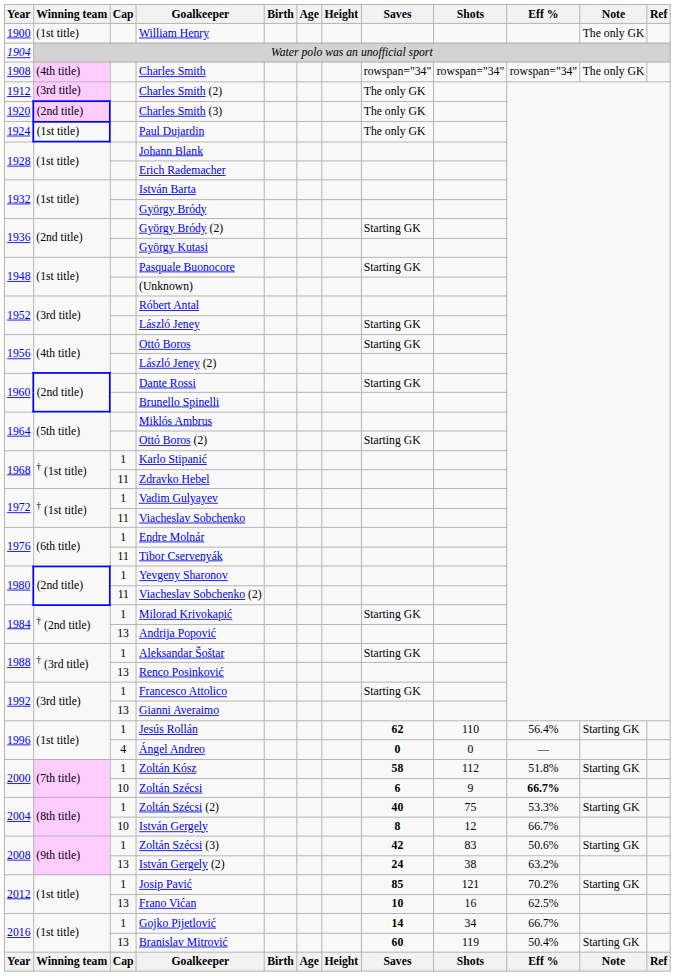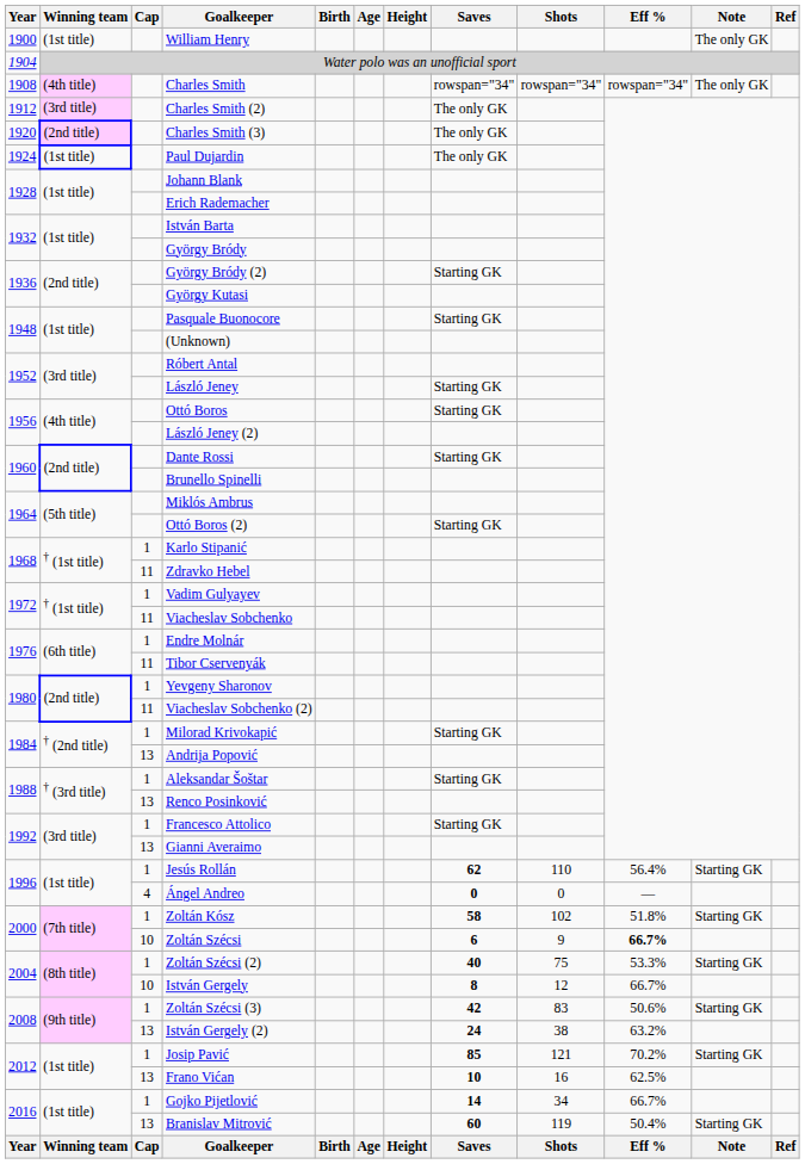 <table class="wikitable sortable" style="text-align: center; font-size: 85%; margin-left: 1em;">
 <tr>
 <th>Year</th>
 <th>Winning team</th>
 <th class="unsortable">Cap</th>
 <th>Goalkeeper</th>
 <th>Birth</th>
 <th>Age</th>
 <th>Height</th>
 <th>Saves</th>
 <th>Shots</th>
 <th>Eff %</th>
 <th>Note</th>
 <th class="unsortable">Ref</th>
 </tr>
 <tr>
 <td><a href='#'>1900</a></td>
 <td style="text-align: left;"> (1st title)</td>
 <td data-sort-value="1900A"></td>
 <td style="text-align: left;" data-sort-value="Henry, William"><a href='#'>William Henry</a></td>
 <td></td>
 <td></td>
 <td style="text-align: left;"></td>
 <td></td>
 <td></td>
 <td></td>
 <td style="text-align: left;">The only GK</td>
 <td></td>
 </tr>
 <tr>
 <td><em><a href='#'>1904</a></em></td>
 <td colspan="12" style="background-color: lightgray;" data-sort-value="ZZZZZZ"><em>Water polo was an unofficial sport</em></td>
 </tr>
 <tr>
 <td><a href='#'>1908</a></td>
 <td style="background-color: #ffccff; text-align: left;"> (4th title)</td>
 <td data-sort-value="1908A"></td>
 <td style="text-align: left;" data-sort-value="Smith, Charles"><a href='#'>Charles Smith</a></td>
 <td></td>
 <td></td>
 <td style="text-align: left;"></td>
 <td>rowspan="34" </td>
 <td>rowspan="34" </td>
 <td>rowspan="34" </td>
 <td style="text-align: left;">The only GK</td>
 <td></td>
 </tr>
 <tr>
 <td><a href='#'>1912</a></td>
 <td style="background-color: #ffccff; text-align: left;"> (3rd title)</td>
 <td data-sort-value="1912A"></td>
 <td style="text-align: left;" data-sort-value="Smith, Charles"><a href='#'>Charles Smith</a> (2)</td>
 <td></td>
 <td></td>
 <td style="text-align: left;"></td>
 <td style="text-align: left;">The only GK</td>
 <td></td>
 </tr>
 <tr>
 <td><a href='#'>1920</a></td>
 <td style="border: 2px solid blue; background-color: #ffccff; text-align: left;"> (2nd title)</td>
 <td data-sort-value="1920A"></td>
 <td style="text-align: left;" data-sort-value="Smith, Charles"><a href='#'>Charles Smith</a> (3)</td>
 <td></td>
 <td></td>
 <td style="text-align: left;"></td>
 <td style="text-align: left;">The only GK</td>
 <td></td>
 </tr>
 <tr>
 <td><a href='#'>1924</a></td>
 <td style="border: 2px solid blue; text-align: left;"> (1st title)</td>
 <td data-sort-value="1924A"></td>
 <td style="text-align: left;" data-sort-value="Dujardin, Paul"><a href='#'>Paul Dujardin</a></td>
 <td></td>
 <td></td>
 <td style="text-align: left;"></td>
 <td style="text-align: left;">The only GK</td>
 <td></td>
 </tr>
 <tr>
 <td rowspan="2"><a href='#'>1928</a></td>
 <td rowspan="2" style="text-align: left;"> (1st title)</td>
 <td data-sort-value="1928A"></td>
 <td style="text-align: left;" data-sort-value="Blank, Johann"><a href='#'>Johann Blank</a></td>
 <td></td>
 <td></td>
 <td style="text-align: left;"></td>
 <td style="text-align: left;"></td>
 <td></td>
 </tr>
 <tr>
 <td data-sort-value="1928B"></td>
 <td style="text-align: left;" data-sort-value="Rademacher, Erich"><a href='#'>Erich Rademacher</a></td>
 <td></td>
 <td></td>
 <td style="text-align: left;"></td>
 <td style="text-align: left;"></td>
 <td></td>
 </tr>
 <tr>
 <td rowspan="2"><a href='#'>1932</a></td>
 <td rowspan="2" style="text-align: left;"> (1st title)</td>
 <td data-sort-value="1932A"></td>
 <td style="text-align: left;" data-sort-value="Barta, István"><a href='#'>István Barta</a></td>
 <td></td>
 <td></td>
 <td style="text-align: left;"></td>
 <td style="text-align: left;"></td>
 <td></td>
 </tr>
 <tr>
 <td data-sort-value="1932B"></td>
 <td style="text-align: left;" data-sort-value="Bródy, György"><a href='#'>György Bródy</a></td>
 <td></td>
 <td></td>
 <td style="text-align: left;"></td>
 <td style="text-align: left;"></td>
 <td></td>
 </tr>
 <tr>
 <td rowspan="2"><a href='#'>1936</a></td>
 <td rowspan="2" style="text-align: left;"> (2nd title)</td>
 <td data-sort-value="1936A"></td>
 <td style="text-align: left;" data-sort-value="Bródy, György"><a href='#'>György Bródy</a> (2)</td>
 <td></td>
 <td></td>
 <td style="text-align: left;"></td>
 <td style="text-align: left;">Starting GK</td>
 <td></td>
 </tr>
 <tr>
 <td data-sort-value="1936B"></td>
 <td style="text-align: left;" data-sort-value="Kutasi, György"><a href='#'>György Kutasi</a></td>
 <td></td>
 <td></td>
 <td style="text-align: left;"></td>
 <td style="text-align: left;"></td>
 <td></td>
 </tr>
 <tr>
 <td rowspan="2"><a href='#'>1948</a></td>
 <td rowspan="2" style="text-align: left;"> (1st title)</td>
 <td data-sort-value="1948A"></td>
 <td style="text-align: left;" data-sort-value="Buonocore, Pasquale"><a href='#'>Pasquale Buonocore</a></td>
 <td></td>
 <td></td>
 <td style="text-align: left;"></td>
 <td style="text-align: left;">Starting GK</td>
 <td></td>
 </tr>
 <tr>
 <td data-sort-value="1948B"></td>
 <td style="text-align: left;" data-sort-value="ZZZZZ">(Unknown)</td>
 <td></td>
 <td></td>
 <td style="text-align: left;"></td>
 <td style="text-align: left;"></td>
 <td></td>
 </tr>
 <tr>
 <td rowspan="2"><a href='#'>1952</a></td>
 <td rowspan="2" style="text-align: left;"> (3rd title)</td>
 <td data-sort-value="1952A"></td>
 <td style="text-align: left;" data-sort-value="Antal, Róbert"><a href='#'>Róbert Antal</a></td>
 <td></td>
 <td></td>
 <td style="text-align: left;"></td>
 <td style="text-align: left;"></td>
 <td></td>
 </tr>
 <tr>
 <td data-sort-value="1952B"></td>
 <td style="text-align: left;" data-sort-value="Jeney, László"><a href='#'>László Jeney</a></td>
 <td></td>
 <td></td>
 <td style="text-align: left;"></td>
 <td style="text-align: left;">Starting GK</td>
 <td></td>
 </tr>
 <tr>
 <td rowspan="2"><a href='#'>1956</a></td>
 <td rowspan="2" style="text-align: left;"> (4th title)</td>
 <td data-sort-value="1956A"></td>
 <td style="text-align: left;" data-sort-value="Boros, Ottó"><a href='#'>Ottó Boros</a></td>
 <td></td>
 <td></td>
 <td style="text-align: left;"></td>
 <td style="text-align: left;">Starting GK</td>
 <td></td>
 </tr>
 <tr>
 <td data-sort-value="1956B"></td>
 <td style="text-align: left;" data-sort-value="Jeney, László"><a href='#'>László Jeney</a> (2)</td>
 <td></td>
 <td></td>
 <td style="text-align: left;"></td>
 <td style="text-align: left;"></td>
 <td></td>
 </tr>
 <tr>
 <td rowspan="2"><a href='#'>1960</a></td>
 <td rowspan="2" style="border: 2px solid blue; text-align: left;"> (2nd title)</td>
 <td data-sort-value="1960A"></td>
 <td style="text-align: left;" data-sort-value="Rossi, Dante"><a href='#'>Dante Rossi</a></td>
 <td></td>
 <td></td>
 <td style="text-align: left;"></td>
 <td style="text-align: left;">Starting GK</td>
 <td></td>
 </tr>
 <tr>
 <td data-sort-value="1960B"></td>
 <td style="text-align: left;" data-sort-value="Spinelli, Brunello"><a href='#'>Brunello Spinelli</a></td>
 <td></td>
 <td></td>
 <td style="text-align: left;"></td>
 <td style="text-align: left;"></td>
 <td></td>
 </tr>
 <tr>
 <td rowspan="2"><a href='#'>1964</a></td>
 <td rowspan="2" style="text-align: left;"> (5th title)</td>
 <td data-sort-value="1964A"></td>
 <td style="text-align: left;" data-sort-value="Ambrus, Miklós"><a href='#'>Miklós Ambrus</a></td>
 <td></td>
 <td></td>
 <td style="text-align: left;"></td>
 <td style="text-align: left;"></td>
 <td></td>
 </tr>
 <tr>
 <td data-sort-value="1964B"></td>
 <td style="text-align: left;" data-sort-value="Boros, Ottó"><a href='#'>Ottó Boros</a> (2)</td>
 <td></td>
 <td></td>
 <td style="text-align: left;"></td>
 <td style="text-align: left;">Starting GK</td>
 <td></td>
 </tr>
 <tr>
 <td rowspan="2"><a href='#'>1968</a></td>
 <td rowspan="2" style="text-align: left;"><em></em><sup>†</sup> (1st title)</td>
 <td>1</td>
 <td style="text-align: left;" data-sort-value="Stipanić, Karlo"><a href='#'>Karlo Stipanić</a></td>
 <td></td>
 <td></td>
 <td style="text-align: left;"></td>
 <td style="text-align: left;"></td>
 <td></td>
 </tr>
 <tr>
 <td>11</td>
 <td style="text-align: left;" data-sort-value="Hebel, Zdravko"><a href='#'>Zdravko Hebel</a></td>
 <td></td>
 <td></td>
 <td style="text-align: left;"></td>
 <td style="text-align: left;"></td>
 <td></td>
 </tr>
 <tr>
 <td rowspan="2"><a href='#'>1972</a></td>
 <td rowspan="2" style="text-align: left;"><em></em><sup>†</sup> (1st title)</td>
 <td>1</td>
 <td style="text-align: left;" data-sort-value="Gulyayev, Vadim"><a href='#'>Vadim Gulyayev</a></td>
 <td></td>
 <td></td>
 <td style="text-align: left;"></td>
 <td style="text-align: left;"></td>
 <td></td>
 </tr>
 <tr>
 <td>11</td>
 <td style="text-align: left;" data-sort-value="Sobchenko, Viacheslav"><a href='#'>Viacheslav Sobchenko</a></td>
 <td></td>
 <td></td>
 <td style="text-align: left;"></td>
 <td style="text-align: left;"></td>
 <td></td>
 </tr>
 <tr>
 <td rowspan="2"><a href='#'>1976</a></td>
 <td rowspan="2" style="text-align: left;"> (6th title)</td>
 <td>1</td>
 <td style="text-align: left;" data-sort-value="Molnár, Endre"><a href='#'>Endre Molnár</a></td>
 <td></td>
 <td></td>
 <td style="text-align: left;"></td>
 <td style="text-align: left;"></td>
 <td></td>
 </tr>
 <tr>
 <td>11</td>
 <td style="text-align: left;" data-sort-value="Cservenyák, Tibor"><a href='#'>Tibor Cservenyák</a></td>
 <td></td>
 <td></td>
 <td style="text-align: left;"></td>
 <td style="text-align: left;"></td>
 <td></td>
 </tr>
 <tr>
 <td rowspan="2"><a href='#'>1980</a></td>
 <td rowspan="2" style="border: 2px solid blue; text-align: left;"> (2nd title)</td>
 <td>1</td>
 <td style="text-align: left;" data-sort-value="Sharonov, Yevgeny"><a href='#'>Yevgeny Sharonov</a></td>
 <td></td>
 <td></td>
 <td style="text-align: left;"></td>
 <td style="text-align: left;"></td>
 <td></td>
 </tr>
 <tr>
 <td>11</td>
 <td style="text-align: left;" data-sort-value="Sobchenko, Viacheslav"><a href='#'>Viacheslav Sobchenko</a> (2)</td>
 <td></td>
 <td></td>
 <td style="text-align: left;"></td>
 <td style="text-align: left;"></td>
 <td></td>
 </tr>
 <tr>
 <td rowspan="2"><a href='#'>1984</a></td>
 <td rowspan="2" style="text-align: left;"><em></em><sup>†</sup> (2nd title)</td>
 <td>1</td>
 <td style="text-align: left;" data-sort-value="Krivokapić, Milorad"><a href='#'>Milorad Krivokapić</a></td>
 <td></td>
 <td></td>
 <td style="text-align: left;"></td>
 <td style="text-align: left;">Starting GK</td>
 <td></td>
 </tr>
 <tr>
 <td>13</td>
 <td style="text-align: left;" data-sort-value="Popović, Andrija"><a href='#'>Andrija Popović</a></td>
 <td></td>
 <td></td>
 <td style="text-align: left;"></td>
 <td style="text-align: left;"></td>
 <td></td>
 </tr>
 <tr>
 <td rowspan="2"><a href='#'>1988</a></td>
 <td rowspan="2" style="text-align: left;"><em></em><sup>†</sup> (3rd title)</td>
 <td>1</td>
 <td style="text-align: left;" data-sort-value="Šoštar, Aleksandar"><a href='#'>Aleksandar Šoštar</a></td>
 <td></td>
 <td></td>
 <td style="text-align: left;"></td>
 <td style="text-align: left;">Starting GK</td>
 <td></td>
 </tr>
 <tr>
 <td>13</td>
 <td style="text-align: left;" data-sort-value="Posinković, Renco"><a href='#'>Renco Posinković</a></td>
 <td></td>
 <td></td>
 <td style="text-align: left;"></td>
 <td style="text-align: left;"></td>
 <td></td>
 </tr>
 <tr>
 <td rowspan="2"><a href='#'>1992</a></td>
 <td rowspan="2" style="text-align: left;"> (3rd title)</td>
 <td>1</td>
 <td style="text-align: left;" data-sort-value="Attolico, Francesco"><a href='#'>Francesco Attolico</a></td>
 <td></td>
 <td></td>
 <td style="text-align: left;"></td>
 <td style="text-align: left;">Starting GK</td>
 <td></td>
 </tr>
 <tr>
 <td>13</td>
 <td style="text-align: left;" data-sort-value="Averaimo, Gianni"><a href='#'>Gianni Averaimo</a></td>
 <td></td>
 <td></td>
 <td style="text-align: left;"></td>
 <td style="text-align: left;"></td>
 <td></td>
 </tr>
 <tr>
 <td rowspan="2"><a href='#'>1996</a></td>
 <td rowspan="2" style="text-align: left;"> (1st title)</td>
 <td>1</td>
 <td style="text-align: left;" data-sort-value="Rollán, Jesús"><a href='#'>Jesús Rollán</a></td>
 <td></td>
 <td></td>
 <td style="text-align: left;"></td>
 <td><strong>62</strong></td>
 <td>110</td>
 <td>56.4%</td>
 <td style="text-align: left;">Starting GK</td>
 <td></td>
 </tr>
 <tr>
 <td>4</td>
 <td style="text-align: left;" data-sort-value="Andreo, Ángel"><a href='#'>Ángel Andreo</a></td>
 <td></td>
 <td></td>
 <td style="text-align: left;"></td>
 <td><strong>0</strong></td>
 <td>0</td>
 <td>—</td>
 <td style="text-align: left;"></td>
 <td></td>
 </tr>
 <tr>
 <td rowspan="2"><a href='#'>2000</a></td>
 <td rowspan="2" style="background-color: #ffccff; text-align: left;"> (7th title)</td>
 <td>1</td>
 <td style="text-align: left;" data-sort-value="Kósz, Zoltán"><a href='#'>Zoltán Kósz</a></td>
 <td></td>
 <td></td>
 <td style="text-align: left;"></td>
 <td><strong>58</strong></td>
-<td>112</td>
+<td>102</td>
 <td>51.8%</td>
 <td style="text-align: left;">Starting GK</td>
 <td></td>
 </tr>
 <tr>
 <td>10</td>
 <td style="text-align: left;" data-sort-value="Szécsi, Zoltán"><a href='#'>Zoltán Szécsi</a></td>
 <td></td>
 <td></td>
 <td style="text-align: left;"></td>
 <td><strong>6</strong></td>
 <td>9</td>
 <td><strong>66.7%</strong></td>
 <td style="text-align: left;"></td>
 <td></td>
 </tr>
 <tr>
 <td rowspan="2"><a href='#'>2004</a></td>
 <td rowspan="2" style="background-color: #ffccff; text-align: left;"> (8th title)</td>
 <td>1</td>
 <td style="text-align: left;" data-sort-value="Szécsi, Zoltán"><a href='#'>Zoltán Szécsi</a> (2)</td>
 <td></td>
 <td></td>
 <td style="text-align: left;"></td>
 <td><strong>40</strong></td>
 <td>75</td>
 <td>53.3%</td>
 <td style="text-align: left;">Starting GK</td>
 <td></td>
 </tr>
 <tr>
 <td>10</td>
 <td style="text-align: left;" data-sort-value="Gergely, István"><a href='#'>István Gergely</a></td>
 <td></td>
 <td></td>
 <td style="text-align: left;"></td>
 <td><strong>8</strong></td>
 <td>12</td>
 <td>66.7%</td>
 <td style="text-align: left;"></td>
 <td></td>
 </tr>
 <tr>
 <td rowspan="2"><a href='#'>2008</a></td>
 <td rowspan="2" style="background-color: #ffccff; text-align: left;"> (9th title)</td>
 <td>1</td>
 <td style="text-align: left;" data-sort-value="Szécsi, Zoltán"><a href='#'>Zoltán Szécsi</a> (3)</td>
 <td></td>
 <td></td>
 <td style="text-align: left;"></td>
 <td><strong>42</strong></td>
 <td>83</td>
 <td>50.6%</td>
 <td style="text-align: left;">Starting GK</td>
 <td></td>
 </tr>
 <tr>
 <td>13</td>
 <td style="text-align: left;" data-sort-value="Gergely, István"><a href='#'>István Gergely</a> (2)</td>
 <td></td>
 <td></td>
 <td style="text-align: left;"></td>
 <td><strong>24</strong></td>
 <td>38</td>
 <td>63.2%</td>
 <td style="text-align: left;"></td>
 <td></td>
 </tr>
 <tr>
 <td rowspan="2"><a href='#'>2012</a></td>
 <td rowspan="2" style="text-align: left;"> (1st title)</td>
 <td>1</td>
 <td style="text-align: left;" data-sort-value="Pavić, Josip"><a href='#'>Josip Pavić</a></td>
 <td></td>
 <td></td>
 <td style="text-align: left;"></td>
 <td><strong>85</strong></td>
 <td>121</td>
 <td>70.2%</td>
 <td style="text-align: left;">Starting GK</td>
 <td></td>
 </tr>
 <tr>
 <td>13</td>
 <td style="text-align: left;" data-sort-value="Vićan, Frano"><a href='#'>Frano Vićan</a></td>
 <td></td>
 <td></td>
 <td style="text-align: left;"></td>
 <td><strong>10</strong></td>
 <td>16</td>
 <td>62.5%</td>
 <td style="text-align: left;"></td>
 <td></td>
 </tr>
 <tr>
 <td rowspan="2"><a href='#'>2016</a></td>
 <td rowspan="2" style="text-align: left;"> (1st title)</td>
 <td>1</td>
 <td style="text-align: left;" data-sort-value="Pijetlović, Gojko"><a href='#'>Gojko Pijetlović</a></td>
 <td></td>
 <td></td>
 <td style="text-align: left;"></td>
 <td><strong>14</strong></td>
 <td>34</td>
 <td>66.7%</td>
 <td style="text-align: left;"></td>
 <td></td>
 </tr>
 <tr>
 <td>13</td>
 <td style="text-align: left;" data-sort-value="Mitrović, Branislav"><a href='#'>Branislav Mitrović</a></td>
 <td></td>
 <td></td>
 <td style="text-align: left;"></td>
 <td><strong>60</strong></td>
 <td>119</td>
 <td>50.4%</td>
 <td style="text-align: left;">Starting GK</td>
 <td></td>
 </tr>
 <tr>
 <th>Year</th>
 <th>Winning team</th>
 <th>Cap</th>
 <th>Goalkeeper</th>
 <th>Birth</th>
 <th>Age</th>
 <th>Height</th>
 <th>Saves</th>
 <th>Shots</th>
 <th>Eff %</th>
 <th>Note</th>
 <th>Ref</th>
 </tr>
 </table>
